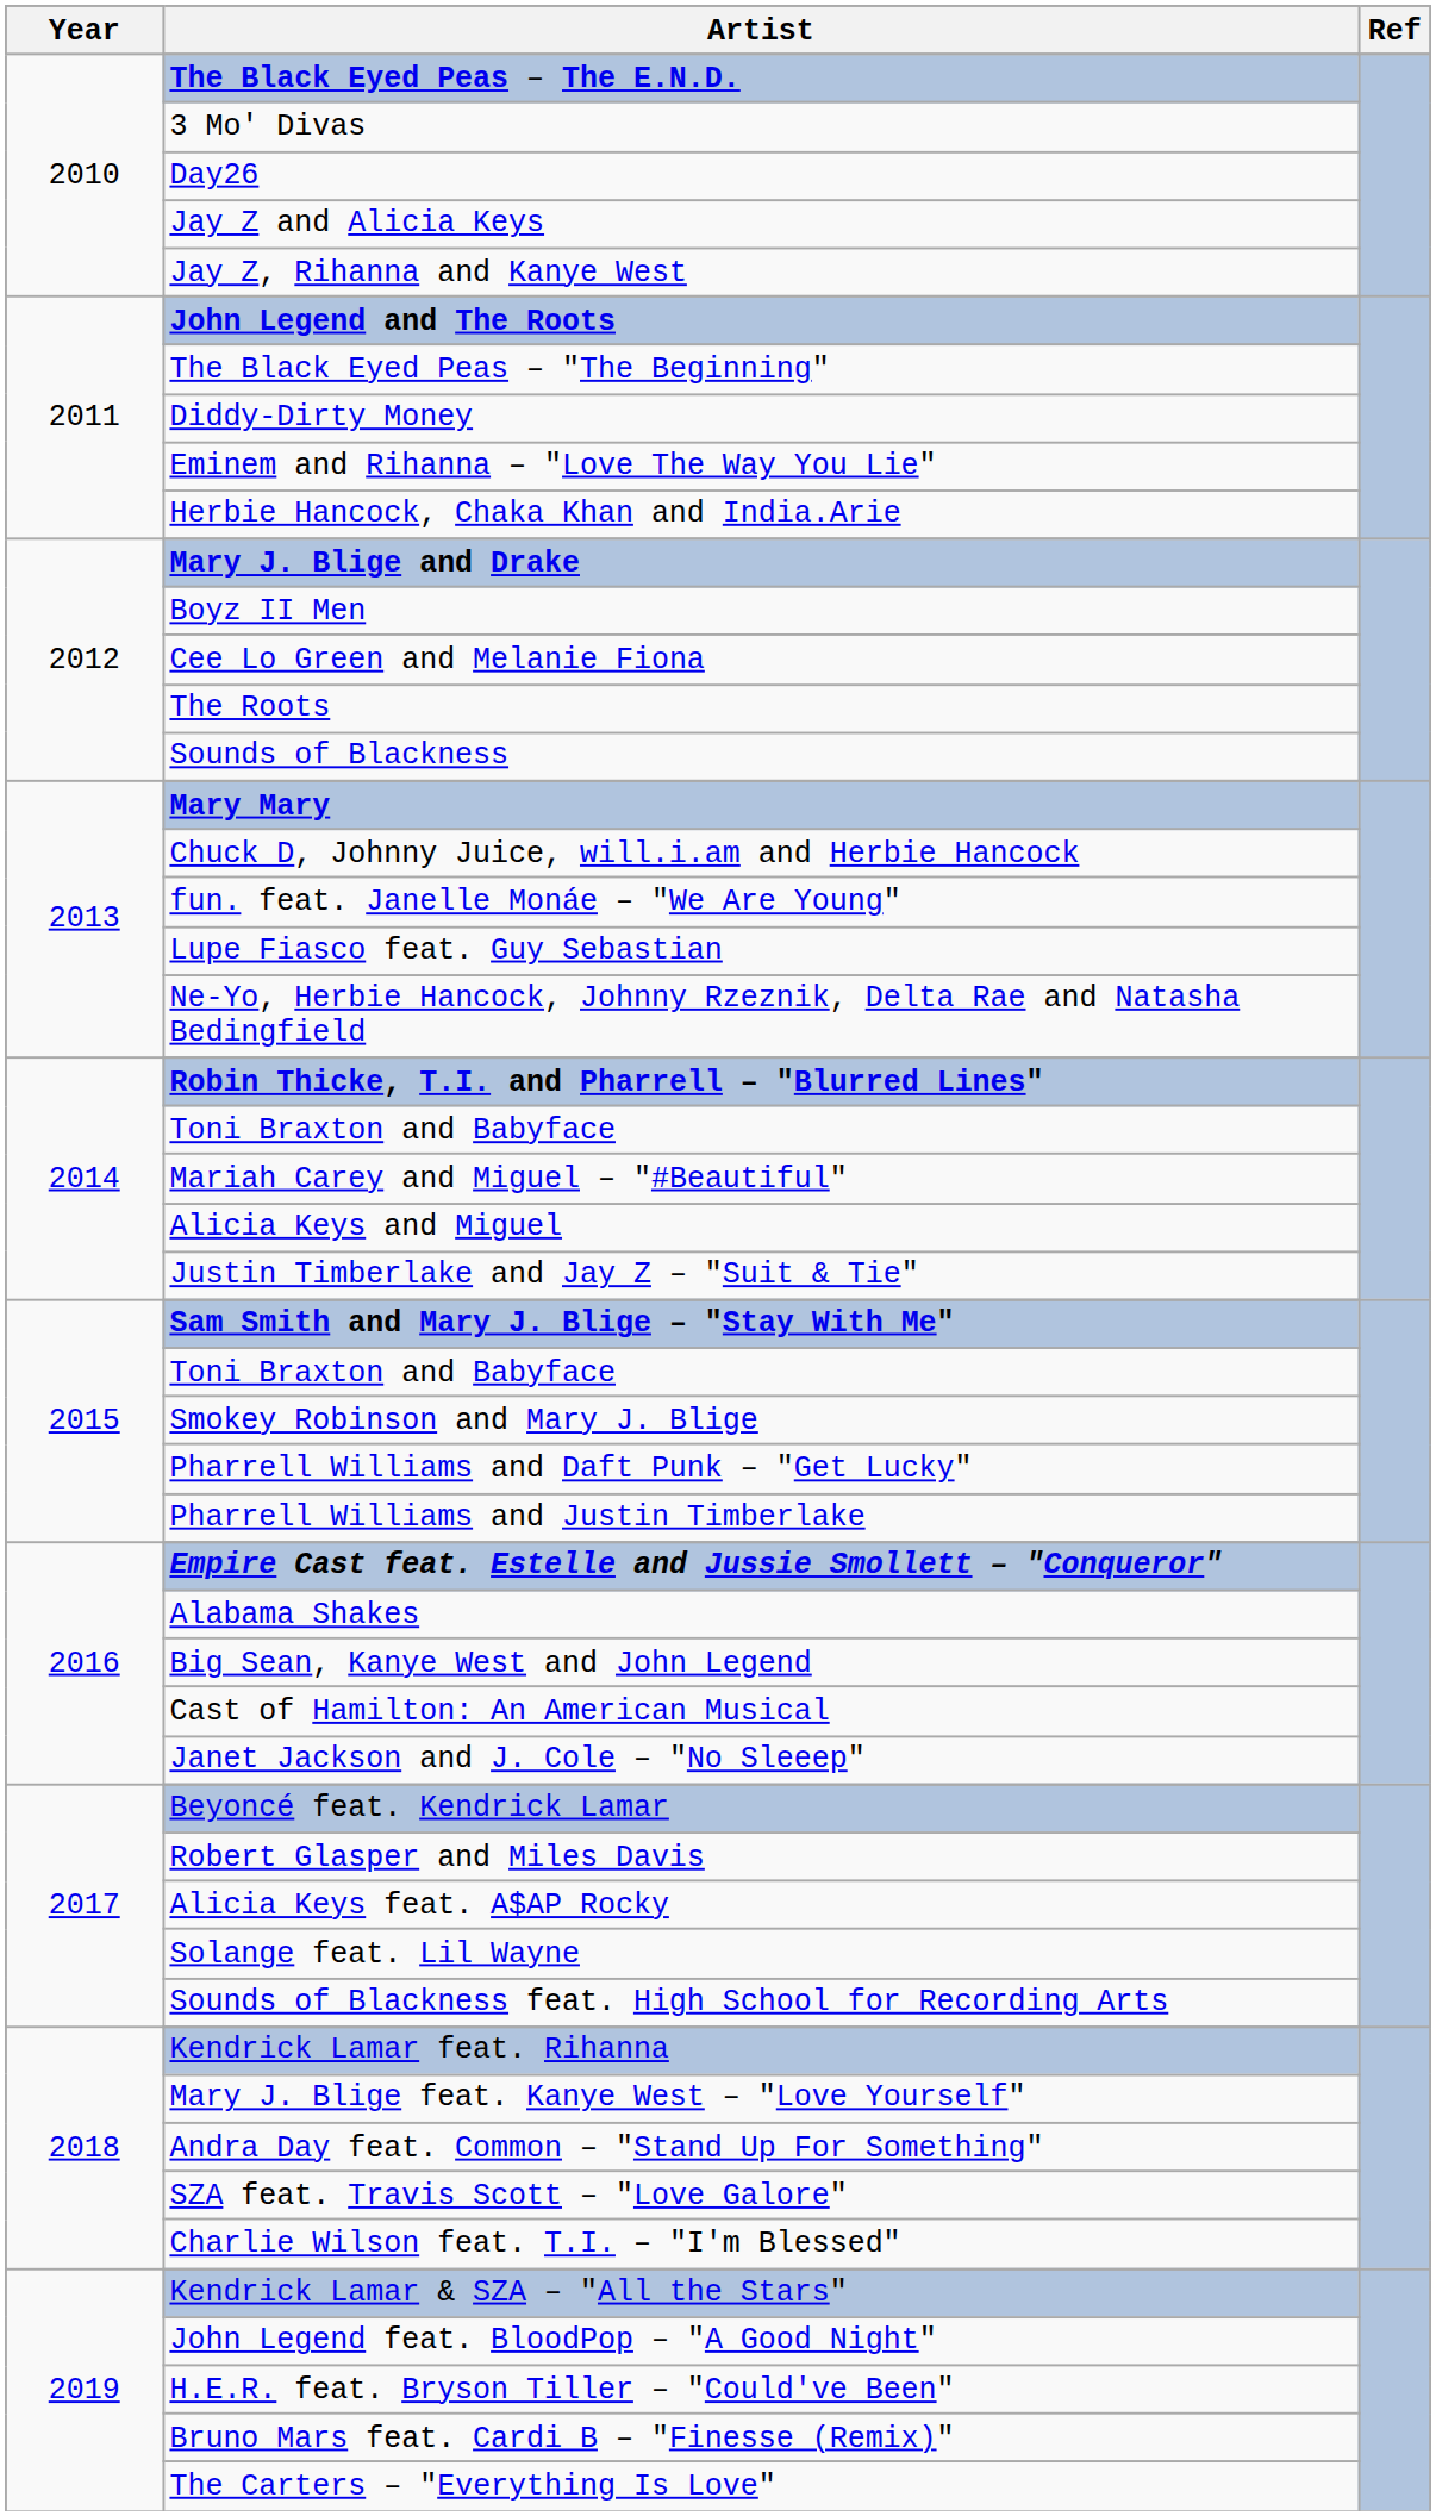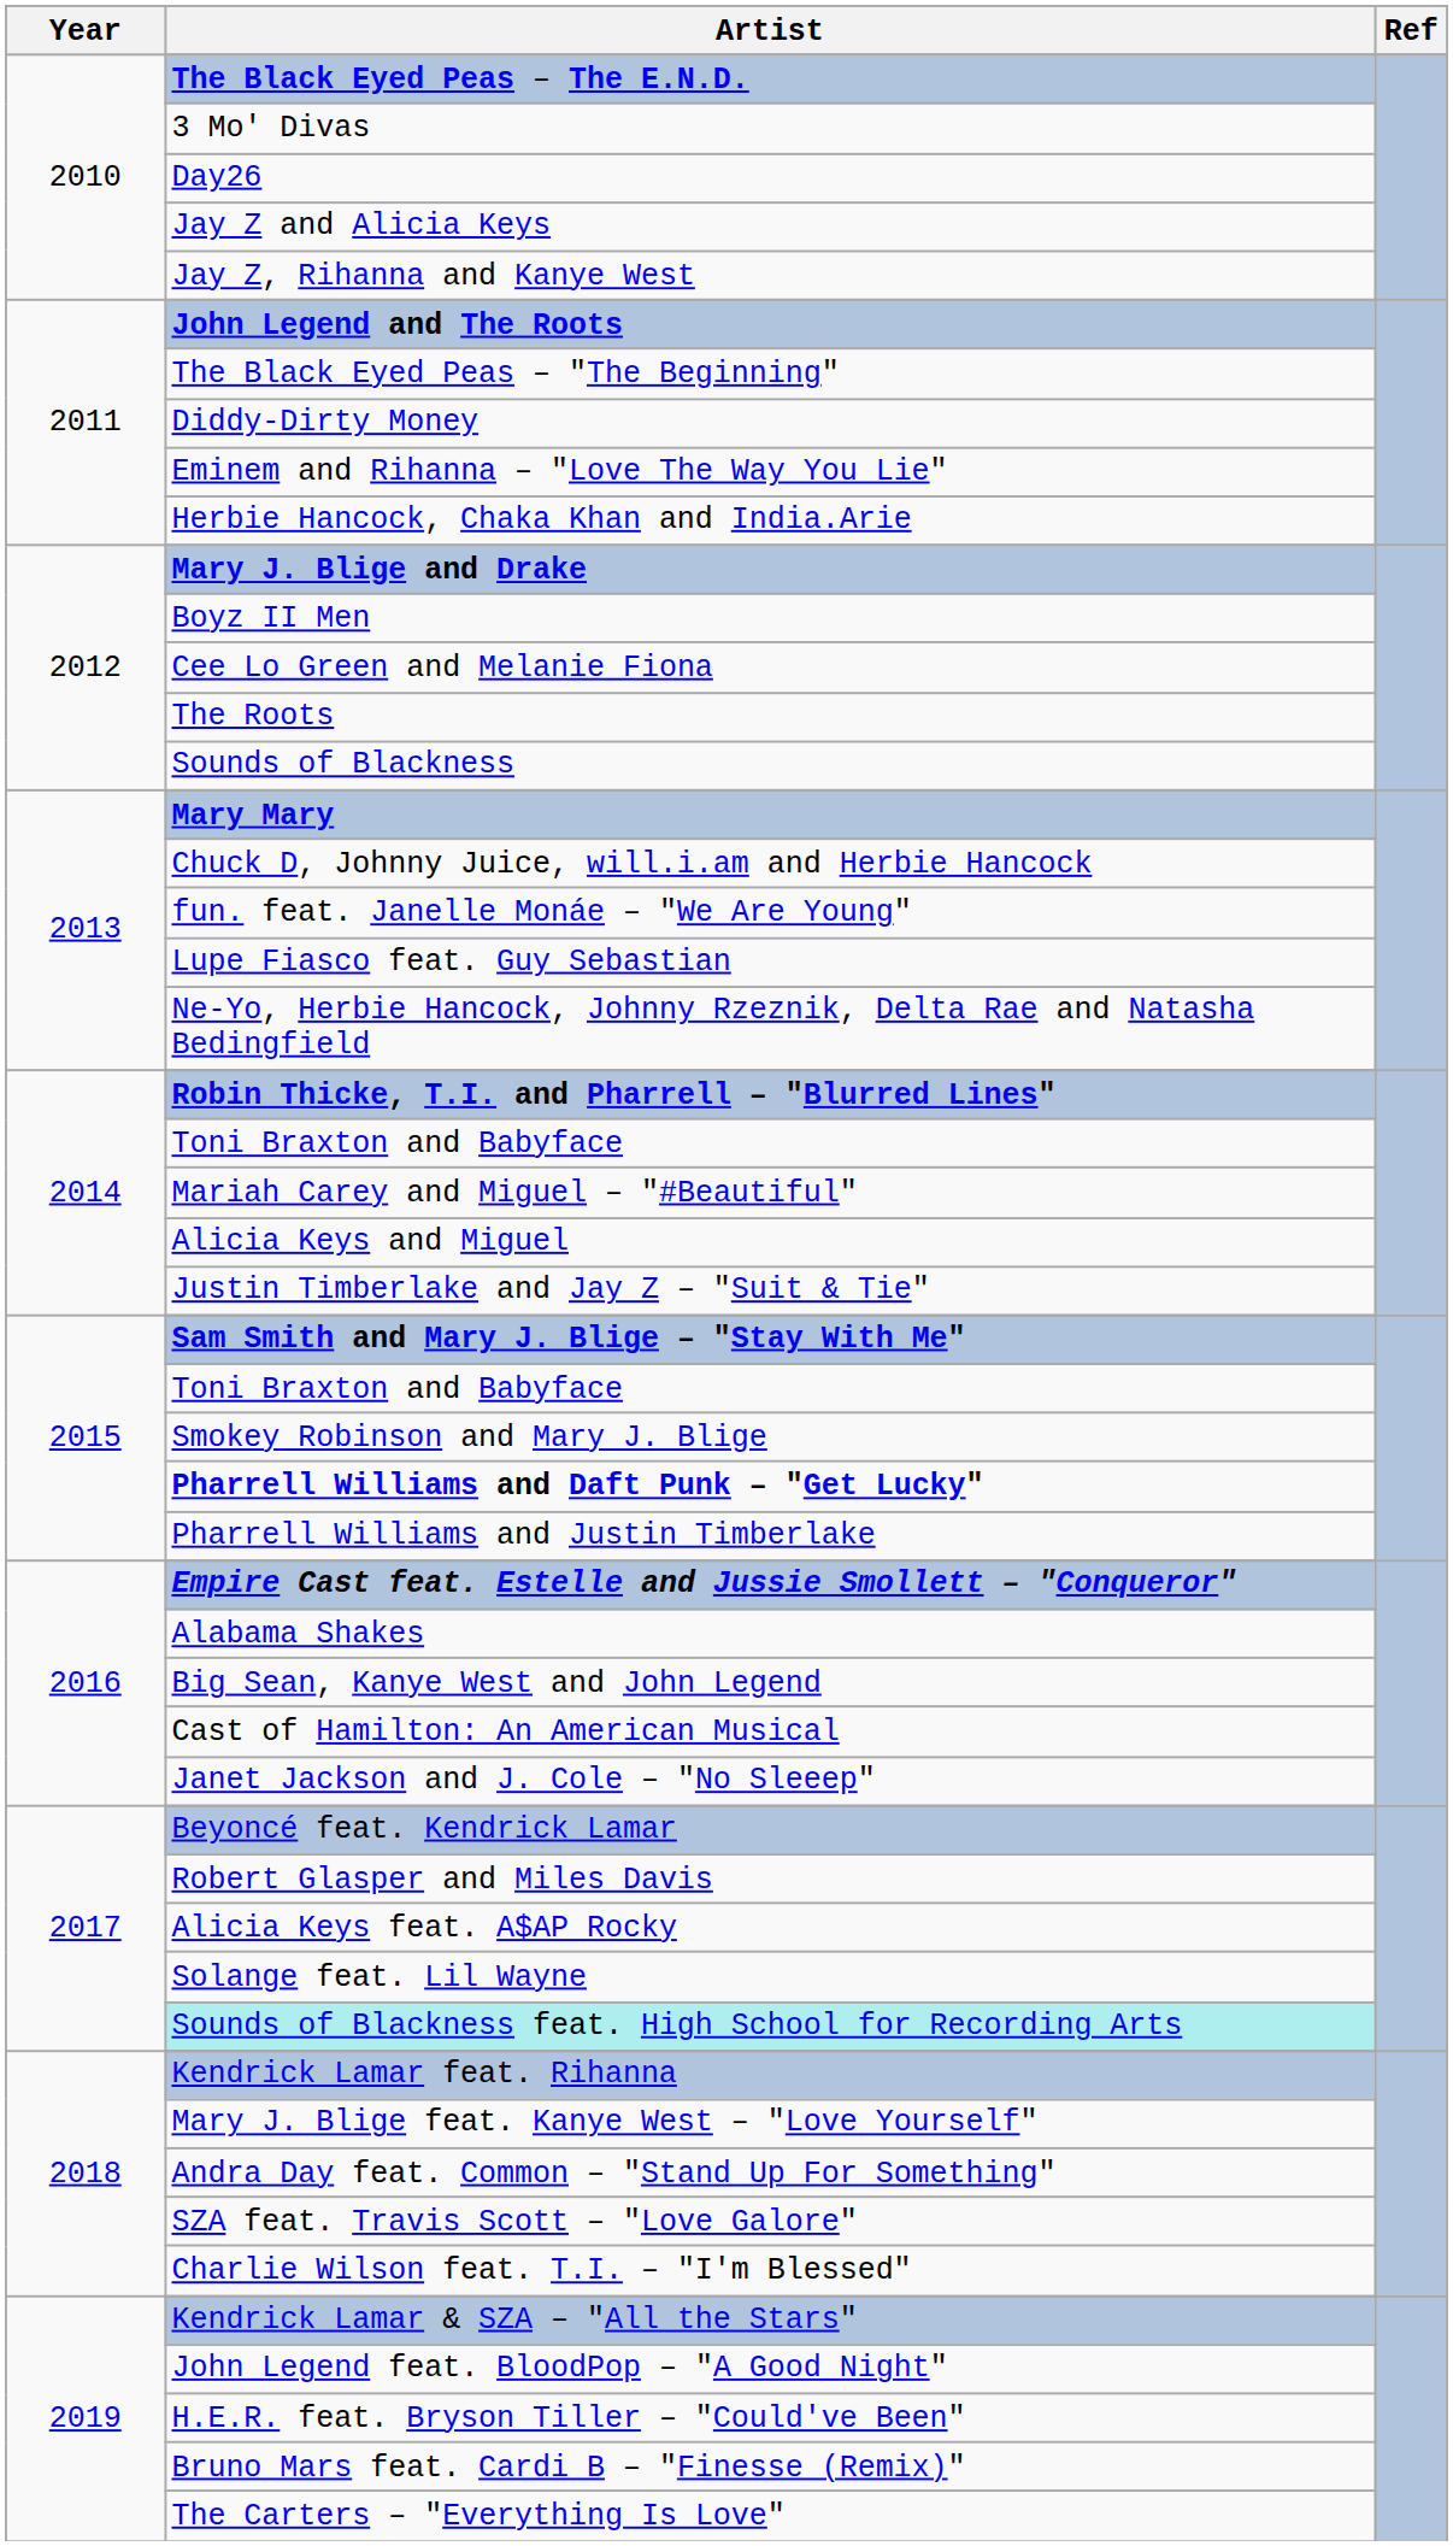 <table class="wikitable" style="width:100%;">
 <tr style="background:#bebebe;">
 <th style="width:11%;">Year</th>
 <th style="width:84%;">Artist</th>
 <th style="width:5%;">Ref</th>
 </tr>
 <tr>
 <td rowspan="6" align="center">2010</td>
 </tr>
 <tr style="background:#B0C4DE">
 <td><strong><a href='#'>The Black Eyed Peas</a></strong> – <strong><a href='#'>The E.N.D.</a></strong></td>
 <td rowspan="6" align="center"></td>
 </tr>
 <tr>
 <td>3 Mo' Divas</td>
 </tr>
 <tr>
 <td><a href='#'>Day26</a></td>
 </tr>
 <tr>
 <td><a href='#'>Jay Z</a> and <a href='#'>Alicia Keys</a></td>
 </tr>
 <tr>
 <td><a href='#'>Jay Z</a>, <a href='#'>Rihanna</a> and <a href='#'>Kanye West</a></td>
 </tr>
 <tr>
 <td rowspan="6" align="center">2011</td>
 </tr>
 <tr style="background:#B0C4DE">
 <td><strong><a href='#'>John Legend</a> and <a href='#'>The Roots</a></strong></td>
 <td rowspan="6" align="center"></td>
 </tr>
 <tr>
 <td><a href='#'>The Black Eyed Peas</a> – "<a href='#'>The Beginning</a>"</td>
 </tr>
 <tr>
 <td><a href='#'>Diddy-Dirty Money</a></td>
 </tr>
 <tr>
 <td><a href='#'>Eminem</a> and <a href='#'>Rihanna</a> – "<a href='#'>Love The Way You Lie</a>"</td>
 </tr>
 <tr>
 <td><a href='#'>Herbie Hancock</a>, <a href='#'>Chaka Khan</a> and <a href='#'>India.Arie</a></td>
 </tr>
 <tr>
 <td rowspan="6" align="center">2012</td>
 </tr>
 <tr style="background:#B0C4DE">
 <td><strong><a href='#'>Mary J. Blige</a> and <a href='#'>Drake</a></strong></td>
 <td rowspan="6" align="center"></td>
 </tr>
 <tr>
 <td><a href='#'>Boyz II Men</a></td>
 </tr>
 <tr>
 <td><a href='#'>Cee Lo Green</a> and <a href='#'>Melanie Fiona</a></td>
 </tr>
 <tr>
 <td><a href='#'>The Roots</a></td>
 </tr>
 <tr>
 <td><a href='#'>Sounds of Blackness</a></td>
 </tr>
 <tr>
 <td rowspan="6" align="center"><a href='#'>2013</a></td>
 </tr>
 <tr style="background:#B0C4DE">
 <td><strong><a href='#'>Mary Mary</a></strong></td>
 <td rowspan="6" align="center"></td>
 </tr>
 <tr>
 <td><a href='#'>Chuck D</a>, Johnny Juice, <a href='#'>will.i.am</a> and <a href='#'>Herbie Hancock</a></td>
 </tr>
 <tr>
 <td><a href='#'>fun.</a> feat. <a href='#'>Janelle Monáe</a> – "<a href='#'>We Are Young</a>"</td>
 </tr>
 <tr>
 <td><a href='#'>Lupe Fiasco</a> feat. <a href='#'>Guy Sebastian</a></td>
 </tr>
 <tr>
 <td><a href='#'>Ne-Yo</a>, <a href='#'>Herbie Hancock</a>, <a href='#'>Johnny Rzeznik</a>, <a href='#'>Delta Rae</a> and <a href='#'>Natasha Bedingfield</a></td>
 </tr>
 <tr>
 <td rowspan="6" align="center"><a href='#'>2014</a></td>
 </tr>
 <tr style="background:#B0C4DE">
 <td><strong><a href='#'>Robin Thicke</a>, <a href='#'>T.I.</a> and <a href='#'>Pharrell</a> – "<a href='#'>Blurred Lines</a>"</strong></td>
 <td rowspan="6" align="center"></td>
 </tr>
 <tr>
 <td><a href='#'>Toni Braxton</a> and <a href='#'>Babyface</a></td>
 </tr>
 <tr>
 <td><a href='#'>Mariah Carey</a> and <a href='#'>Miguel</a> – "<a href='#'>#Beautiful</a>"</td>
 </tr>
 <tr>
 <td><a href='#'>Alicia Keys</a> and <a href='#'>Miguel</a></td>
 </tr>
 <tr>
 <td><a href='#'>Justin Timberlake</a> and <a href='#'>Jay Z</a> – "<a href='#'>Suit & Tie</a>"</td>
 </tr>
 <tr>
 <td rowspan="6" align="center"><a href='#'>2015</a></td>
 </tr>
 <tr style="background:#B0C4DE">
 <td><strong><a href='#'>Sam Smith</a> and <a href='#'>Mary J. Blige</a> – "<a href='#'>Stay With Me</a>"</strong></td>
 <td rowspan="6" align="center"></td>
 </tr>
 <tr>
 <td><a href='#'>Toni Braxton</a> and <a href='#'>Babyface</a></td>
 </tr>
 <tr>
 <td><a href='#'>Smokey Robinson</a> and <a href='#'>Mary J. Blige</a></td>
 </tr>
 <tr>
-<td><a href='#'>Pharrell Williams</a> and <a href='#'>Daft Punk</a> – "<a href='#'>Get Lucky</a>"</td>
+<td><strong><a href='#'>Pharrell Williams</a> and <a href='#'>Daft Punk</a> – "<a href='#'>Get Lucky</a>"</strong></td>
 </tr>
 <tr>
 <td><a href='#'>Pharrell Williams</a> and <a href='#'>Justin Timberlake</a></td>
 </tr>
 <tr>
 <td rowspan="6" align="center"><a href='#'>2016</a></td>
 </tr>
 <tr style="background:#B0C4DE">
 <td><strong><em><a href='#'>Empire</a><em> Cast feat. <a href='#'>Estelle</a> and <a href='#'>Jussie Smollett</a> – "<a href='#'>Conqueror</a>"<strong></td>
 <td rowspan="6" align="center"></td>
 </tr>
 <tr>
 <td><a href='#'>Alabama Shakes</a></td>
 </tr>
 <tr>
 <td><a href='#'>Big Sean</a>, <a href='#'>Kanye West</a> and <a href='#'>John Legend</a></td>
 </tr>
 <tr>
 <td>Cast of </em><a href='#'>Hamilton: An American Musical</a><em></td>
 </tr>
 <tr>
 <td><a href='#'>Janet Jackson</a> and <a href='#'>J. Cole</a> – "<a href='#'>No Sleeep</a>"</td>
 </tr>
 <tr>
 <td rowspan="6" align="center"><a href='#'>2017</a></td>
 </tr>
 <tr style="background:#B0C4DE">
 <td></strong><a href='#'>Beyoncé</a> feat. <a href='#'>Kendrick Lamar</a><strong></td>
 <td rowspan="6" align="center"></td>
 </tr>
 <tr>
 <td><a href='#'>Robert Glasper</a> and <a href='#'>Miles Davis</a></td>
 </tr>
 <tr>
 <td><a href='#'>Alicia Keys</a> feat. <a href='#'>A$AP Rocky</a></td>
 </tr>
 <tr>
 <td><a href='#'>Solange</a> feat. <a href='#'>Lil Wayne</a></td>
 </tr>
 <tr>
-<td><a href='#'>Sounds of Blackness</a> feat. <a href='#'>High School for Recording Arts</a></td>
+<td style="background: paleturquoise;"><a href='#'>Sounds of Blackness</a> feat. <a href='#'>High School for Recording Arts</a></td>
 </tr>
 <tr>
 <td rowspan="6" align="center"><a href='#'>2018</a></td>
 </tr>
 <tr style="background:#B0C4DE">
 <td></strong><a href='#'>Kendrick Lamar</a> feat. <a href='#'>Rihanna</a><strong></td>
 <td rowspan="6" align="center"></td>
 </tr>
 <tr>
 <td><a href='#'>Mary J. Blige</a> feat. <a href='#'>Kanye West</a> – "<a href='#'>Love Yourself</a>"</td>
 </tr>
 <tr>
 <td><a href='#'>Andra Day</a> feat. <a href='#'>Common</a> – "<a href='#'>Stand Up For Something</a>"</td>
 </tr>
 <tr>
 <td><a href='#'>SZA</a> feat. <a href='#'>Travis Scott</a> – "<a href='#'>Love Galore</a>"</td>
 </tr>
 <tr>
 <td><a href='#'>Charlie Wilson</a> feat. <a href='#'>T.I.</a> – "I'm Blessed"</td>
 </tr>
 <tr>
 <td rowspan="6" align="center"><a href='#'>2019</a></td>
 </tr>
 <tr style="background:#B0C4DE">
 <td></strong><a href='#'>Kendrick Lamar</a> & <a href='#'>SZA</a> – "<a href='#'>All the Stars</a>"<strong></td>
 <td rowspan="6" align="center"></td>
 </tr>
 <tr>
 <td><a href='#'>John Legend</a> feat. <a href='#'>BloodPop</a> – "<a href='#'>A Good Night</a>"</td>
 </tr>
 <tr>
 <td><a href='#'>H.E.R.</a> feat. <a href='#'>Bryson Tiller</a> – "<a href='#'>Could've Been</a>"</td>
 </tr>
 <tr>
 <td><a href='#'>Bruno Mars</a> feat. <a href='#'>Cardi B</a> – "<a href='#'>Finesse (Remix)</a>"</td>
 </tr>
 <tr>
 <td><a href='#'>The Carters</a> – "<a href='#'>Everything Is Love</a>"</td>
 </tr>
 </table>
